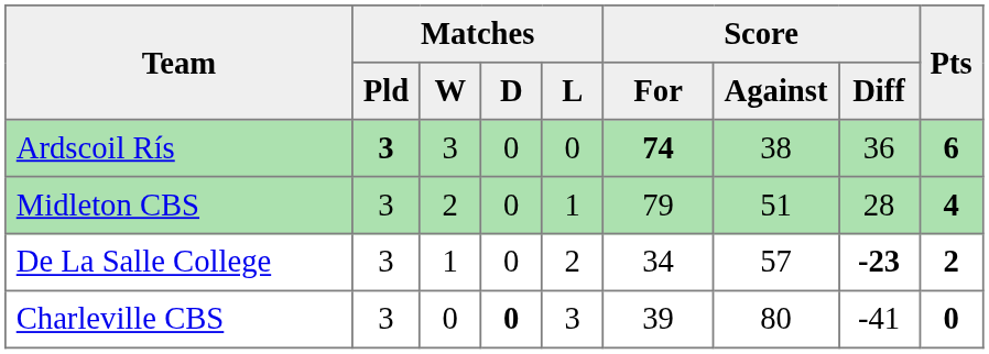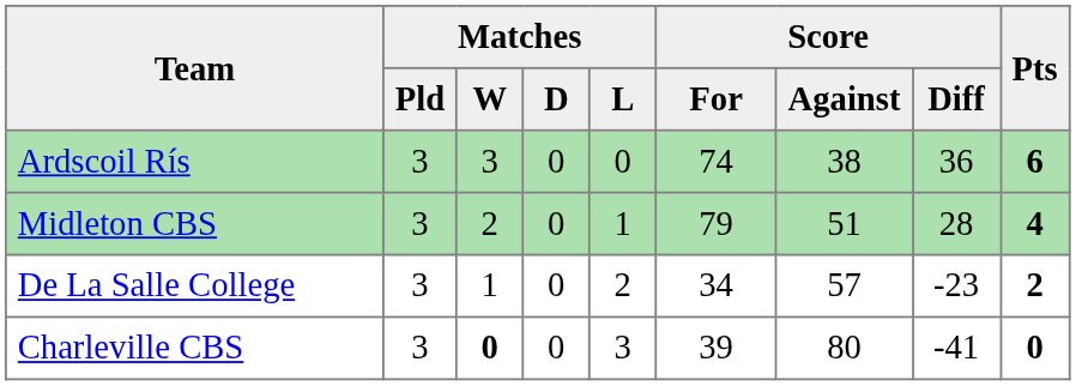 <table style=border-collapse:collapse border=1 cellspacing=0 cellpadding=5>
 <tr align=center bgcolor=#efefef>
 <th rowspan=2 width=165>Team</th>
 <th colspan=4>Matches</th>
 <th colspan=3>Score</th>
 <th rowspan=2width=20>Pts</th>
 </tr>
 <tr align=center bgcolor=#efefef>
 <th width=20>Pld</th>
 <th width=20>W</th>
 <th width=20>D</th>
 <th width=20>L</th>
 <th width=45>For</th>
 <th width=45>Against</th>
 <th width=30>Diff</th>
 </tr>
 <tr align=center style="background:#ACE1AF;">
 <td style="text-align:left;"><a href='#'>Ardscoil Rís</a></td>
-<td><strong>3</strong></td>
+<td>3</td>
 <td>3</td>
 <td>0</td>
 <td>0</td>
-<td><strong>74</strong></td>
+<td>74</td>
 <td>38</td>
 <td>36</td>
 <td><strong>6</strong></td>
 </tr>
 <tr align=center style="background:#ACE1AF;">
 <td style="text-align:left;"><a href='#'>Midleton CBS</a></td>
 <td>3</td>
 <td>2</td>
 <td>0</td>
 <td>1</td>
 <td>79</td>
 <td>51</td>
 <td>28</td>
 <td><strong>4</strong></td>
 </tr>
 <tr align=center>
 <td style="text-align:left;"><a href='#'>De La Salle College</a></td>
 <td>3</td>
 <td>1</td>
 <td>0</td>
 <td>2</td>
 <td>34</td>
 <td>57</td>
-<td><strong>-23</strong></td>
+<td>-23</td>
 <td><strong>2</strong></td>
 </tr>
 <tr align=center>
 <td style="text-align:left;"><a href='#'>Charleville CBS</a></td>
 <td>3</td>
+<td><strong>0</strong></td>
 <td>0</td>
-<td><strong>0</strong></td>
 <td>3</td>
 <td>39</td>
 <td>80</td>
 <td>-41</td>
 <td><strong>0</strong></td>
 </tr>
 </table>
